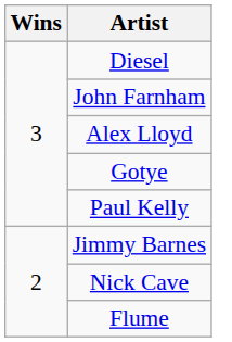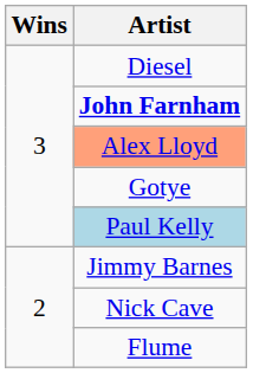 <table class="wikitable" style="text-align: center">
 <tr>
 <th scope="col" width="20">Wins</th>
 <th scope="col" align="center">Artist</th>
 </tr>
 <tr>
 <td rowspan=5 style="text-align:center">3</td>
 <td><a href='#'>Diesel</a></td>
 </tr>
 <tr>
-<td><a href='#'>John Farnham</a></td>
+<td><strong><a href='#'>John Farnham</a></strong></td>
 </tr>
 <tr>
-<td><a href='#'>Alex Lloyd</a></td>
+<td style="background: lightsalmon;"><a href='#'>Alex Lloyd</a></td>
 </tr>
 <tr>
 <td><a href='#'>Gotye</a></td>
 </tr>
 <tr>
-<td><a href='#'>Paul Kelly</a></td>
+<td style="background: lightblue;"><a href='#'>Paul Kelly</a></td>
 </tr>
 <tr>
 <td rowspan=3 style="text-align:center">2</td>
 <td><a href='#'>Jimmy Barnes</a></td>
 </tr>
 <tr>
 <td><a href='#'>Nick Cave</a></td>
 </tr>
 <tr>
 <td><a href='#'>Flume</a></td>
 </tr>
 </table>
